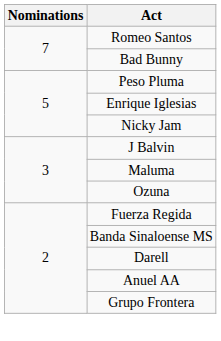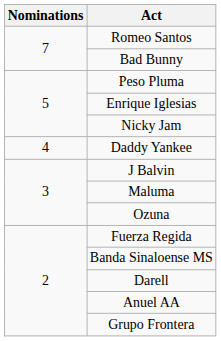 <table class="wikitable" rowspan="2" style="text-align:center;">
 <tr>
 <th scope="col">Nominations</th>
 <th scope="col">Act</th>
 </tr>
 <tr>
 <td rowspan="2">7</td>
 <td>Romeo Santos</td>
 </tr>
 <tr>
 <td>Bad Bunny</td>
 </tr>
 <tr>
 <td rowspan="3">5</td>
 <td>Peso Pluma</td>
 </tr>
 <tr>
 <td>Enrique Iglesias</td>
 </tr>
 <tr>
 <td>Nicky Jam</td>
+</tr>
+<tr>
+<td>4</td>
+<td>Daddy Yankee</td>
 </tr>
 <tr>
 <td rowspan="3">3</td>
 <td>J Balvin</td>
 </tr>
 <tr>
 <td>Maluma</td>
 </tr>
 <tr>
 <td>Ozuna</td>
 </tr>
 <tr>
 <td rowspan="5">2</td>
 <td>Fuerza Regida</td>
 </tr>
 <tr>
 <td>Banda Sinaloense MS</td>
 </tr>
 <tr>
 <td>Darell</td>
 </tr>
 <tr>
 <td>Anuel AA</td>
 </tr>
 <tr>
 <td>Grupo Frontera</td>
 </tr>
 </table>
